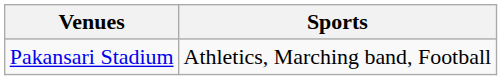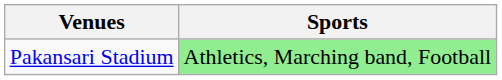 <table class="wikitable">
 <tr>
 <th>Venues</th>
 <th>Sports</th>
 </tr>
 <tr>
 <td><a href='#'>Pakansari Stadium</a></td>
-<td>Athletics, Marching band, Football</td>
+<td style="background: lightgreen;">Athletics, Marching band, Football</td>
 </tr>
 </table>
